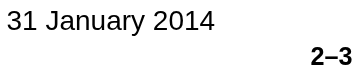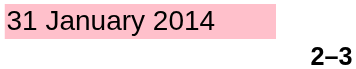 <table width=100% cellspacing=1>
 <tr>
 <th width=25%></th>
 <th width=10%></th>
 <th></th>
 </tr>
 <tr>
-<td>31 January 2014</td>
+<td style="background: pink;">31 January 2014</td>
 </tr>
 <tr style=font-size:90%>
 <td align=right><strong></strong></td>
 <td align=center><strong>2–3</strong></td>
 <td><strong></strong></td>
 <td></td>
 </tr>
 </table>
